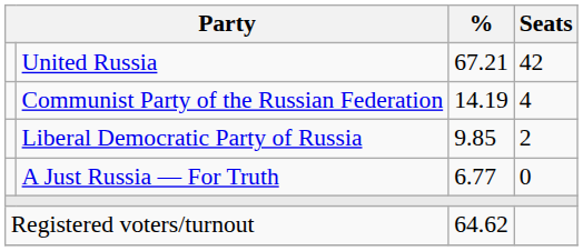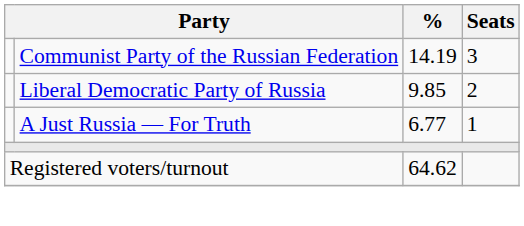 <table class="wikitable">
 <tr>
 <th colspan=2>Party</th>
 <th>%</th>
 <th>Seats</th>
 </tr>
 <tr>
 <td style="background:"></td>
-<td><a href='#'>United Russia</a></td>
-<td>67.21</td>
-<td>42</td>
-</tr>
-<tr>
-<td style="background:"></td>
 <td><a href='#'>Communist Party of the Russian Federation</a></td>
 <td>14.19</td>
-<td>4</td>
+<td>3</td>
 </tr>
 <tr>
 <td style="background:"></td>
 <td><a href='#'>Liberal Democratic Party of Russia</a></td>
 <td>9.85</td>
 <td>2</td>
 </tr>
 <tr>
 <td style="background:"></td>
 <td><a href='#'>A Just Russia — For Truth</a></td>
 <td>6.77</td>
-<td>0</td>
+<td>1</td>
 </tr>
 <tr>
 <td colspan=4 style="background:#E9E9E9;"></td>
 </tr>
 <tr>
 <td align=left colspan=2>Registered voters/turnout</td>
 <td>64.62</td>
 <td></td>
 </tr>
 <tr>
 </tr>
 </table>
